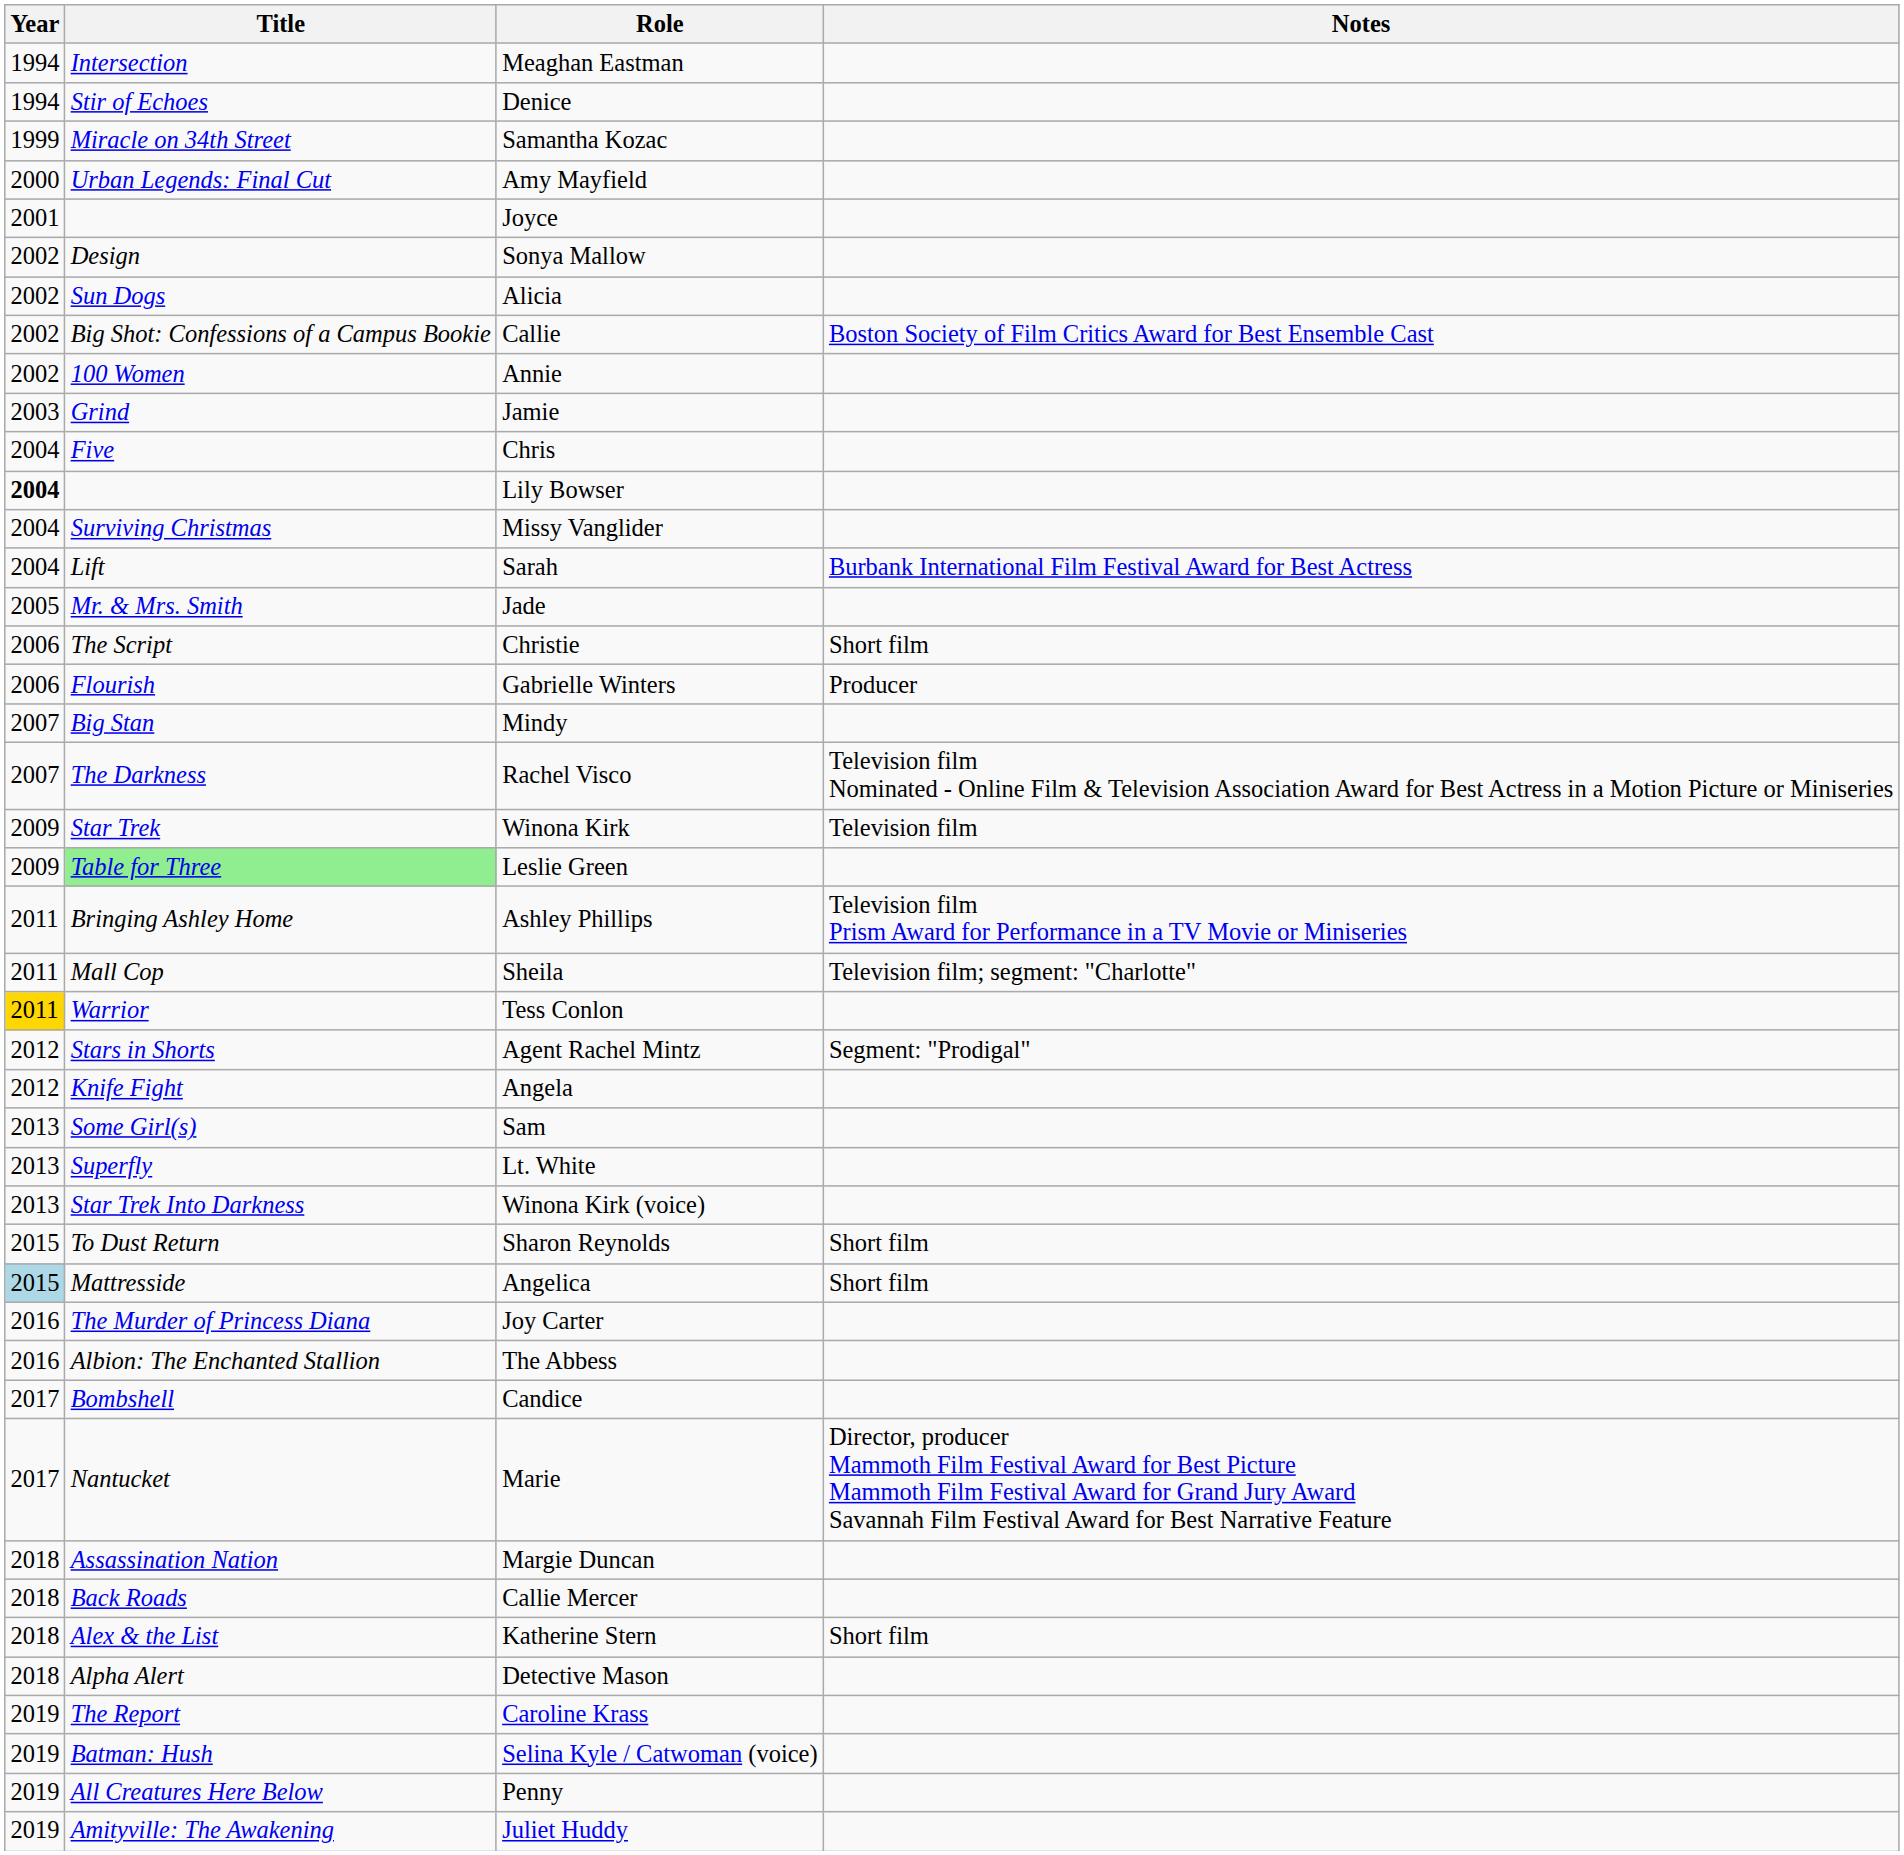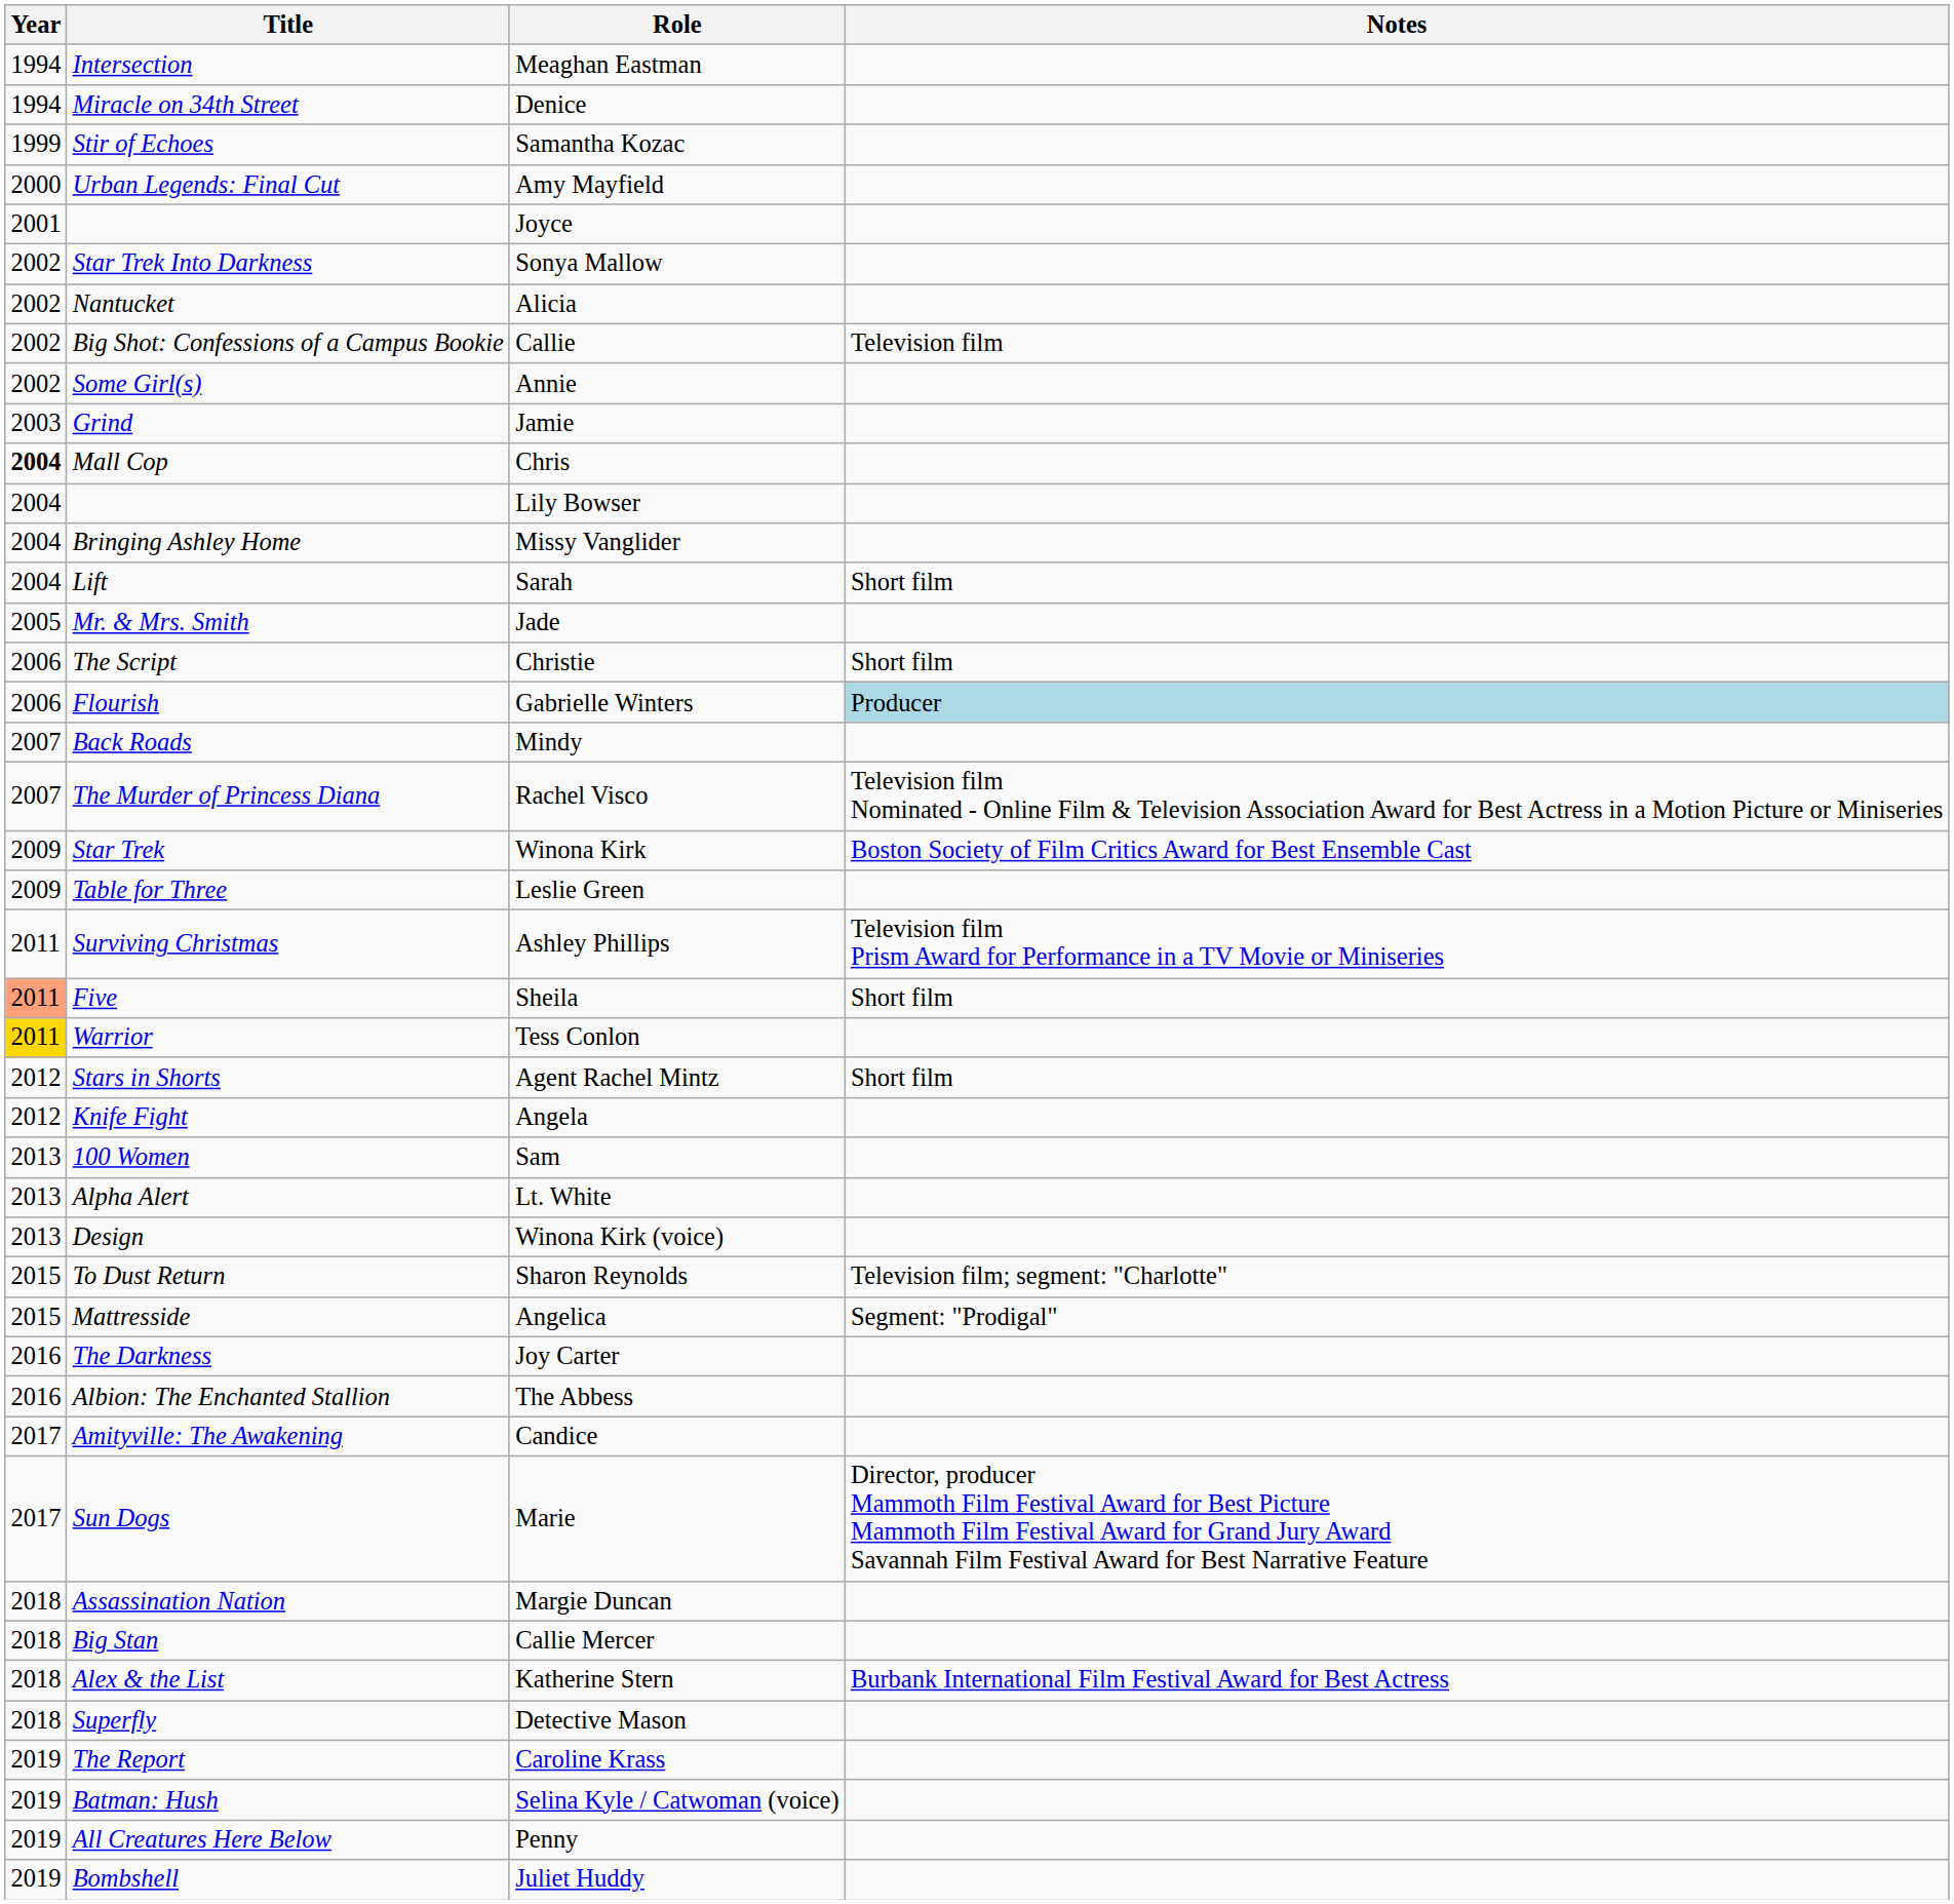 <table class="wikitable sortable">
 <tr>
 <th>Year</th>
 <th>Title</th>
 <th>Role</th>
 <th class="unsortable">Notes</th>
 </tr>
 <tr>
 <td>1994</td>
 <td><em><a href='#'>Intersection</a></em></td>
 <td>Meaghan Eastman</td>
 <td></td>
 </tr>
 <tr>
 <td>1994</td>
-<td><em><a href='#'>Stir of Echoes</a></em></td>
+<td><em><a href='#'>Miracle on 34th Street</a></em></td>
 <td>Denice</td>
 <td></td>
 </tr>
 <tr>
 <td>1999</td>
-<td><em><a href='#'>Miracle on 34th Street</a></em></td>
+<td><em><a href='#'>Stir of Echoes</a></em></td>
 <td>Samantha Kozac</td>
 <td></td>
 </tr>
 <tr>
 <td>2000</td>
 <td><em><a href='#'>Urban Legends: Final Cut</a></em></td>
 <td>Amy Mayfield</td>
 <td></td>
 </tr>
 <tr>
 <td>2001</td>
 <td><em></em></td>
 <td>Joyce</td>
 <td></td>
 </tr>
 <tr>
 <td>2002</td>
-<td><em>Design</em></td>
+<td><em><a href='#'>Star Trek Into Darkness</a></em></td>
 <td>Sonya Mallow</td>
 <td></td>
 </tr>
 <tr>
 <td>2002</td>
-<td><em><a href='#'>Sun Dogs</a></em></td>
+<td><em>Nantucket</em></td>
 <td>Alicia</td>
 <td></td>
 </tr>
 <tr>
 <td>2002</td>
 <td><em>Big Shot: Confessions of a Campus Bookie</em></td>
 <td>Callie</td>
-<td><a href='#'>Boston Society of Film Critics Award for Best Ensemble Cast</a></td>
+<td>Television film</td>
 </tr>
 <tr>
 <td>2002</td>
-<td><em><a href='#'>100 Women</a></em></td>
+<td><em><a href='#'>Some Girl(s)</a></em></td>
 <td>Annie</td>
 <td></td>
 </tr>
 <tr>
 <td>2003</td>
 <td><em><a href='#'>Grind</a></em></td>
 <td>Jamie</td>
 <td></td>
 </tr>
 <tr>
-<td>2004</td>
-<td><em><a href='#'>Five</a></em></td>
+<td><strong>2004</strong></td>
+<td><em>Mall Cop</em></td>
 <td>Chris</td>
 <td></td>
 </tr>
 <tr>
-<td><strong>2004</strong></td>
+<td>2004</td>
 <td><em></em></td>
 <td>Lily Bowser</td>
 <td></td>
 </tr>
 <tr>
 <td>2004</td>
-<td><em><a href='#'>Surviving Christmas</a></em></td>
+<td><em>Bringing Ashley Home</em></td>
 <td>Missy Vanglider</td>
 <td></td>
 </tr>
 <tr>
 <td>2004</td>
 <td><em>Lift</em></td>
 <td>Sarah</td>
-<td><a href='#'>Burbank International Film Festival Award for Best Actress</a></td>
+<td>Short film</td>
 </tr>
 <tr>
 <td>2005</td>
 <td><em><a href='#'>Mr. & Mrs. Smith</a></em></td>
 <td>Jade</td>
 <td></td>
 </tr>
 <tr>
 <td>2006</td>
 <td><em>The Script</em></td>
 <td>Christie</td>
 <td>Short film</td>
 </tr>
 <tr>
 <td>2006</td>
 <td><em><a href='#'>Flourish</a></em></td>
 <td>Gabrielle Winters</td>
-<td>Producer</td>
+<td style="background: lightblue;">Producer</td>
 </tr>
 <tr>
 <td>2007</td>
-<td><em><a href='#'>Big Stan</a></em></td>
+<td><em><a href='#'>Back Roads</a></em></td>
 <td>Mindy</td>
 <td></td>
 </tr>
 <tr>
 <td>2007</td>
-<td><em><a href='#'>The Darkness</a></em></td>
+<td><em><a href='#'>The Murder of Princess Diana</a></em></td>
 <td>Rachel Visco</td>
 <td>Television film<br>Nominated - Online Film & Television Association Award for Best Actress in a Motion Picture or Miniseries</td>
 </tr>
 <tr>
 <td>2009</td>
 <td><em><a href='#'>Star Trek</a></em></td>
 <td>Winona Kirk</td>
-<td>Television film</td>
+<td><a href='#'>Boston Society of Film Critics Award for Best Ensemble Cast</a></td>
 </tr>
 <tr>
 <td>2009</td>
-<td style="background: lightgreen;"><em><a href='#'>Table for Three</a></em></td>
+<td><em><a href='#'>Table for Three</a></em></td>
 <td>Leslie Green</td>
 <td></td>
 </tr>
 <tr>
 <td>2011</td>
-<td><em>Bringing Ashley Home</em></td>
+<td><em><a href='#'>Surviving Christmas</a></em></td>
 <td>Ashley Phillips</td>
 <td>Television film<br><a href='#'>Prism Award for Performance in a TV Movie or Miniseries</a></td>
 </tr>
 <tr>
-<td>2011</td>
-<td><em>Mall Cop</em></td>
+<td style="background: lightsalmon;">2011</td>
+<td><em><a href='#'>Five</a></em></td>
 <td>Sheila</td>
-<td>Television film; segment: "Charlotte"</td>
+<td>Short film</td>
 </tr>
 <tr>
 <td style="background: gold;">2011</td>
 <td><em><a href='#'>Warrior</a></em></td>
 <td>Tess Conlon</td>
 <td></td>
 </tr>
 <tr>
 <td>2012</td>
 <td><em><a href='#'>Stars in Shorts</a></em></td>
 <td>Agent Rachel Mintz</td>
-<td>Segment: "Prodigal"</td>
+<td>Short film</td>
 </tr>
 <tr>
 <td>2012</td>
 <td><em><a href='#'>Knife Fight</a></em></td>
 <td>Angela</td>
 <td></td>
 </tr>
 <tr>
 <td>2013</td>
-<td><em><a href='#'>Some Girl(s)</a></em></td>
+<td><em><a href='#'>100 Women</a></em></td>
 <td>Sam</td>
 <td></td>
 </tr>
 <tr>
 <td>2013</td>
-<td><em><a href='#'>Superfly</a></em></td>
+<td><em>Alpha Alert</em></td>
 <td>Lt. White</td>
 <td></td>
 </tr>
 <tr>
 <td>2013</td>
-<td><em><a href='#'>Star Trek Into Darkness</a></em></td>
+<td><em>Design</em></td>
 <td>Winona Kirk (voice)</td>
 <td></td>
 </tr>
 <tr>
 <td>2015</td>
 <td><em>To Dust Return</em></td>
 <td>Sharon Reynolds</td>
-<td>Short film</td>
+<td>Television film; segment: "Charlotte"</td>
 </tr>
 <tr>
-<td style="background: lightblue;">2015</td>
+<td>2015</td>
 <td><em>Mattresside</em></td>
 <td>Angelica</td>
-<td>Short film</td>
+<td>Segment: "Prodigal"</td>
 </tr>
 <tr>
 <td>2016</td>
-<td><em><a href='#'>The Murder of Princess Diana</a></em></td>
+<td><em><a href='#'>The Darkness</a></em></td>
 <td>Joy Carter</td>
 <td></td>
 </tr>
 <tr>
 <td>2016</td>
 <td><em>Albion: The Enchanted Stallion</em></td>
 <td>The Abbess</td>
 <td></td>
 </tr>
 <tr>
 <td>2017</td>
-<td><em><a href='#'>Bombshell</a></em></td>
+<td><em><a href='#'>Amityville: The Awakening</a></em></td>
 <td>Candice</td>
 <td></td>
 </tr>
 <tr>
 <td>2017</td>
-<td><em>Nantucket</em></td>
+<td><em><a href='#'>Sun Dogs</a></em></td>
 <td>Marie</td>
 <td>Director, producer<br><a href='#'>Mammoth Film Festival Award for Best Picture</a><br><a href='#'>Mammoth Film Festival Award for Grand Jury Award</a><br>Savannah Film Festival Award for Best Narrative Feature</td>
 </tr>
 <tr>
 <td>2018</td>
 <td><em><a href='#'>Assassination Nation</a></em></td>
 <td>Margie Duncan</td>
 <td></td>
 </tr>
 <tr>
 <td>2018</td>
-<td><em><a href='#'>Back Roads</a></em></td>
+<td><em><a href='#'>Big Stan</a></em></td>
 <td>Callie Mercer</td>
 <td></td>
 </tr>
 <tr>
 <td>2018</td>
 <td><em><a href='#'>Alex & the List</a></em></td>
 <td>Katherine Stern</td>
-<td>Short film</td>
+<td><a href='#'>Burbank International Film Festival Award for Best Actress</a></td>
 </tr>
 <tr>
 <td>2018</td>
-<td><em>Alpha Alert</em></td>
+<td><em><a href='#'>Superfly</a></em></td>
 <td>Detective Mason</td>
 <td></td>
 </tr>
 <tr>
 <td>2019</td>
 <td><em><a href='#'>The Report</a></em></td>
 <td><a href='#'>Caroline Krass</a></td>
 <td></td>
 </tr>
 <tr>
 <td>2019</td>
 <td><em><a href='#'>Batman: Hush</a></em></td>
 <td><a href='#'>Selina Kyle / Catwoman</a> (voice)</td>
 <td></td>
 </tr>
 <tr>
 <td>2019</td>
 <td><em><a href='#'>All Creatures Here Below</a></em></td>
 <td>Penny</td>
 <td></td>
 </tr>
 <tr>
 <td>2019</td>
-<td><em><a href='#'>Amityville: The Awakening</a></em></td>
+<td><em><a href='#'>Bombshell</a></em></td>
 <td><a href='#'>Juliet Huddy</a></td>
 <td></td>
 </tr>
 </table>
